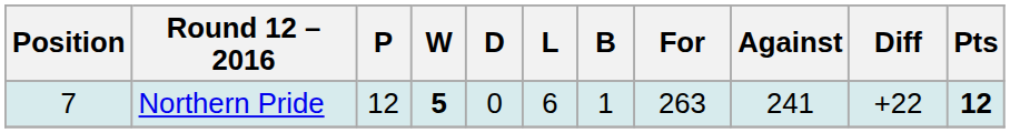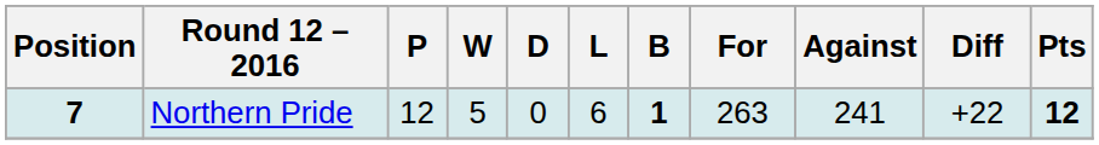 <table class="wikitable" style="text-align:center; font-size:85%;">
 <tr>
 <th width=40 abbr="Position">Position</th>
 <th width=100>Round 12 – 2016</th>
 <th width=20 abbr="Played">P</th>
 <th width=20 abbr="Won">W</th>
 <th width=20 abbr="Drawn">D</th>
 <th width=20 abbr="Lost">L</th>
 <th width=20 abbr="Bye">B</th>
 <th width=40 abbr="Points for">For</th>
 <th width=40 abbr="Points against">Against</th>
 <th width=40 abbr="Points difference">Diff</th>
 <th width=20 abbr="Points">Pts</th>
 </tr>
 <tr style="background: #d7ebed;">
-<td>7</td>
+<td><strong>7</strong></td>
 <td style="text-align:left;"> <a href='#'>Northern Pride</a></td>
 <td>12</td>
-<td><strong>5</strong></td>
+<td>5</td>
 <td>0</td>
 <td>6</td>
-<td>1</td>
+<td><strong>1</strong></td>
 <td>263</td>
 <td>241</td>
 <td>+22</td>
 <td><strong>12</strong></td>
 </tr>
 <tr>
 </tr>
 </table>
